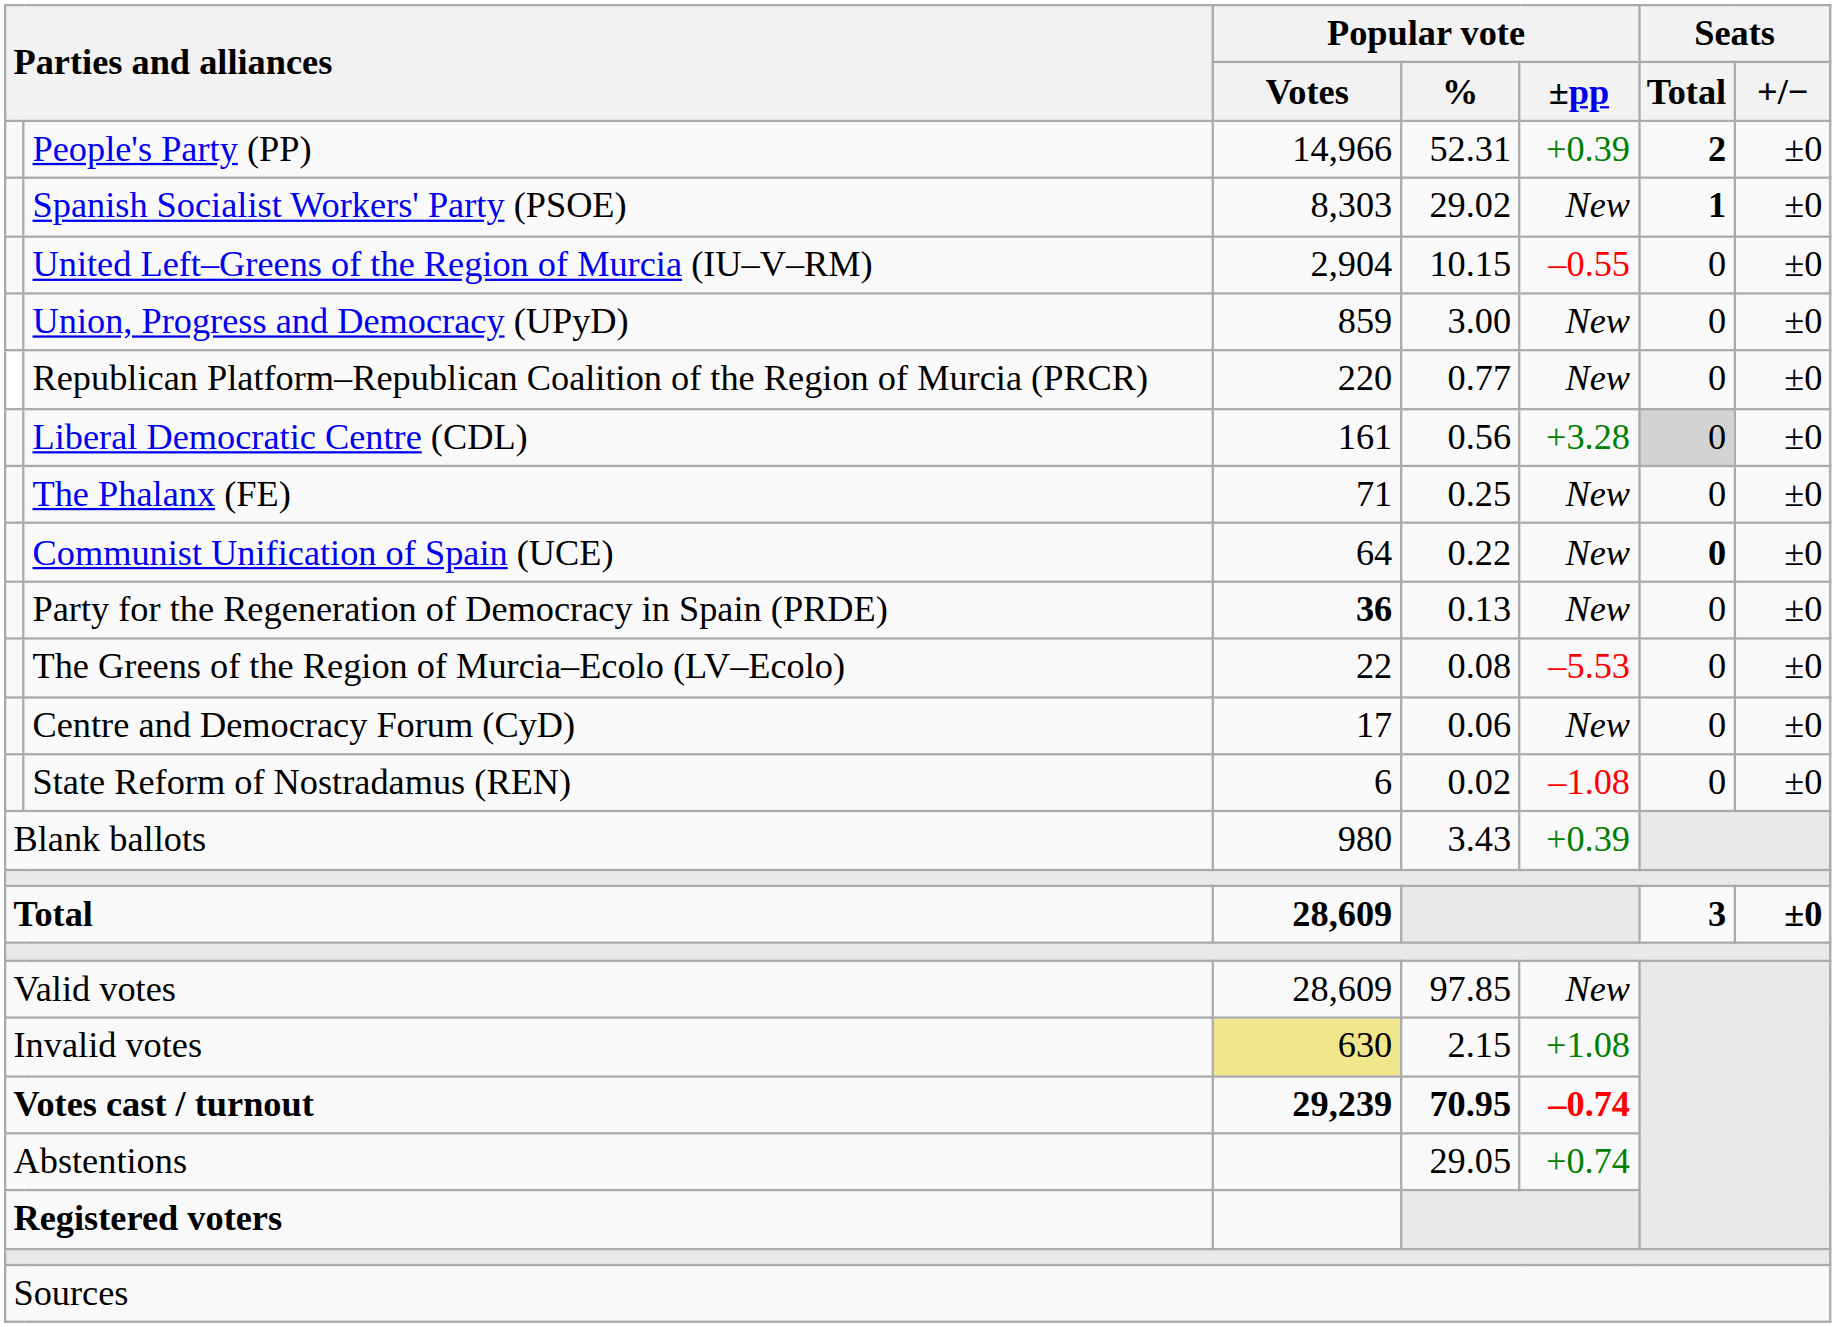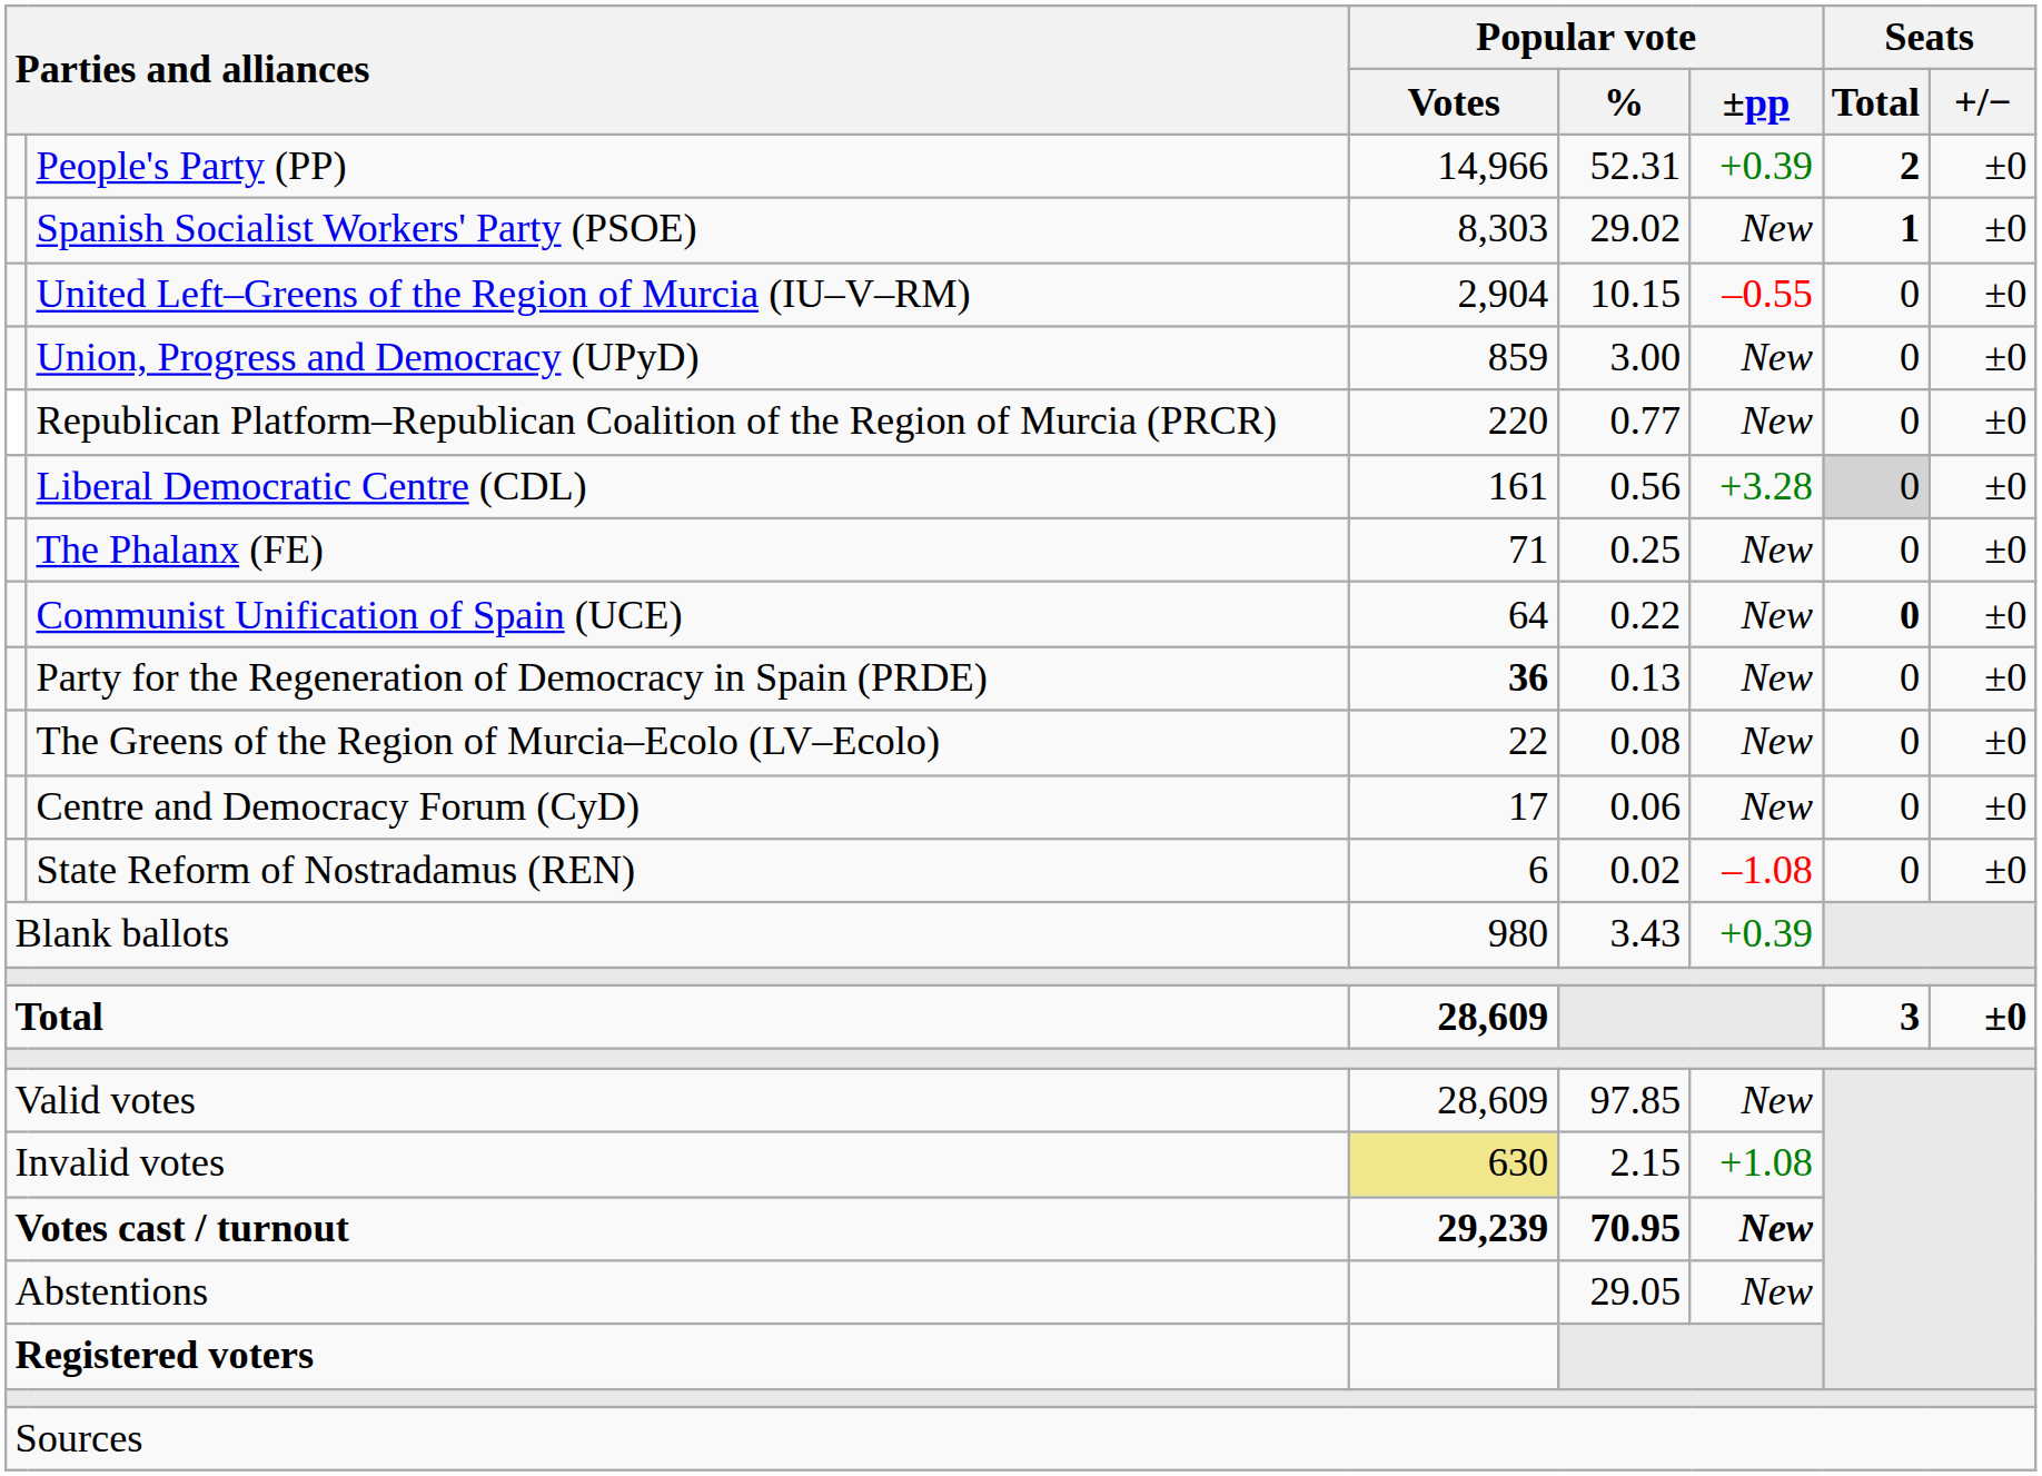 <table class="wikitable" style="text-align:right;">
 <tr>
 <th style="text-align:left;" rowspan="2" colspan="2" width="525">Parties and alliances</th>
 <th colspan="3">Popular vote</th>
 <th colspan="2">Seats</th>
 </tr>
 <tr>
 <th width="75">Votes</th>
 <th width="45">%</th>
 <th width="45">±<a href='#'>pp</a></th>
 <th width="35">Total</th>
 <th width="35">+/−</th>
 </tr>
 <tr>
 <td width="1" style="color:inherit;background:"></td>
 <td align="left"><a href='#'>People's Party</a> (PP)</td>
 <td>14,966</td>
 <td>52.31</td>
 <td style="color:green;">+0.39</td>
 <td><strong>2</strong></td>
 <td>±0</td>
 </tr>
 <tr>
 <td style="color:inherit;background:"></td>
 <td align="left"><a href='#'>Spanish Socialist Workers' Party</a> (PSOE)</td>
 <td>8,303</td>
 <td>29.02</td>
 <td><em>New</em></td>
 <td><strong>1</strong></td>
 <td>±0</td>
 </tr>
 <tr>
 <td style="color:inherit;background:"></td>
 <td align="left"><a href='#'>United Left–Greens of the Region of Murcia</a> (IU–V–RM)</td>
 <td>2,904</td>
 <td>10.15</td>
 <td style="color:red;">–0.55</td>
 <td>0</td>
 <td>±0</td>
 </tr>
 <tr>
 <td style="color:inherit;background:"></td>
 <td align="left"><a href='#'>Union, Progress and Democracy</a> (UPyD)</td>
 <td>859</td>
 <td>3.00</td>
 <td><em>New</em></td>
 <td>0</td>
 <td>±0</td>
 </tr>
 <tr>
 <td bgcolor="white"></td>
 <td align="left">Republican Platform–Republican Coalition of the Region of Murcia (PRCR)</td>
 <td>220</td>
 <td>0.77</td>
 <td><em>New</em></td>
 <td>0</td>
 <td>±0</td>
 </tr>
 <tr>
 <td style="color:inherit;background:"></td>
 <td align="left"><a href='#'>Liberal Democratic Centre</a> (CDL)</td>
 <td>161</td>
 <td>0.56</td>
 <td style="color:green;">+3.28</td>
 <td style="background: lightgrey;">0</td>
 <td>±0</td>
 </tr>
 <tr>
 <td style="color:inherit;background:"></td>
 <td align="left"><a href='#'>The Phalanx</a> (FE)</td>
 <td>71</td>
 <td>0.25</td>
 <td><em>New</em></td>
 <td>0</td>
 <td>±0</td>
 </tr>
 <tr>
 <td style="color:inherit;background:"></td>
 <td align="left"><a href='#'>Communist Unification of Spain</a> (UCE)</td>
 <td>64</td>
 <td>0.22</td>
 <td><em>New</em></td>
 <td><strong>0</strong></td>
 <td>±0</td>
 </tr>
 <tr>
 <td style="color:inherit;background:"></td>
 <td align="left">Party for the Regeneration of Democracy in Spain (PRDE)</td>
 <td><strong>36</strong></td>
 <td>0.13</td>
 <td><em>New</em></td>
 <td>0</td>
 <td>±0</td>
 </tr>
 <tr>
 <td style="color:inherit;background:"></td>
 <td align="left">The Greens of the Region of Murcia–Ecolo (LV–Ecolo)</td>
 <td>22</td>
 <td>0.08</td>
-<td style="color:red;">–5.53</td>
+<td><em>New</em></td>
 <td>0</td>
 <td>±0</td>
 </tr>
 <tr>
 <td style="color:inherit;background:"></td>
 <td align="left">Centre and Democracy Forum (CyD)</td>
 <td>17</td>
 <td>0.06</td>
 <td><em>New</em></td>
 <td>0</td>
 <td>±0</td>
 </tr>
 <tr>
 <td style="color:inherit;background:"></td>
 <td align="left">State Reform of Nostradamus (REN)</td>
 <td>6</td>
 <td>0.02</td>
 <td style="color:red;">–1.08</td>
 <td>0</td>
 <td>±0</td>
 </tr>
 <tr>
 <td align="left" colspan="2">Blank ballots</td>
 <td>980</td>
 <td>3.43</td>
 <td style="color:green;">+0.39</td>
 <td bgcolor="#E9E9E9" colspan="2"></td>
 </tr>
 <tr>
 <td colspan="7" bgcolor="#E9E9E9"></td>
 </tr>
 <tr style="font-weight:bold;">
 <td align="left" colspan="2">Total</td>
 <td>28,609</td>
 <td bgcolor="#E9E9E9" colspan="2"></td>
 <td>3</td>
 <td>±0</td>
 </tr>
 <tr>
 <td colspan="7" bgcolor="#E9E9E9"></td>
 </tr>
 <tr>
 <td align="left" colspan="2">Valid votes</td>
 <td>28,609</td>
 <td>97.85</td>
 <td><em>New</em></td>
 <td bgcolor="#E9E9E9" colspan="2" rowspan="5"></td>
 </tr>
 <tr>
 <td align="left" colspan="2">Invalid votes</td>
 <td style="background: khaki;">630</td>
 <td>2.15</td>
 <td style="color:green;">+1.08</td>
 </tr>
 <tr style="font-weight:bold;">
 <td align="left" colspan="2">Votes cast / turnout</td>
 <td>29,239</td>
 <td>70.95</td>
-<td style="color:red;">–0.74</td>
+<td><em>New</em></td>
 </tr>
 <tr>
 <td align="left" colspan="2">Abstentions</td>
 <td></td>
 <td>29.05</td>
-<td style="color:green;">+0.74</td>
+<td><em>New</em></td>
 </tr>
 <tr style="font-weight:bold;">
 <td align="left" colspan="2">Registered voters</td>
 <td></td>
 <td bgcolor="#E9E9E9" colspan="2"></td>
 </tr>
 <tr>
 <td colspan="7" bgcolor="#E9E9E9"></td>
 </tr>
 <tr>
 <td align="left" colspan="7">Sources</td>
 </tr>
 </table>
